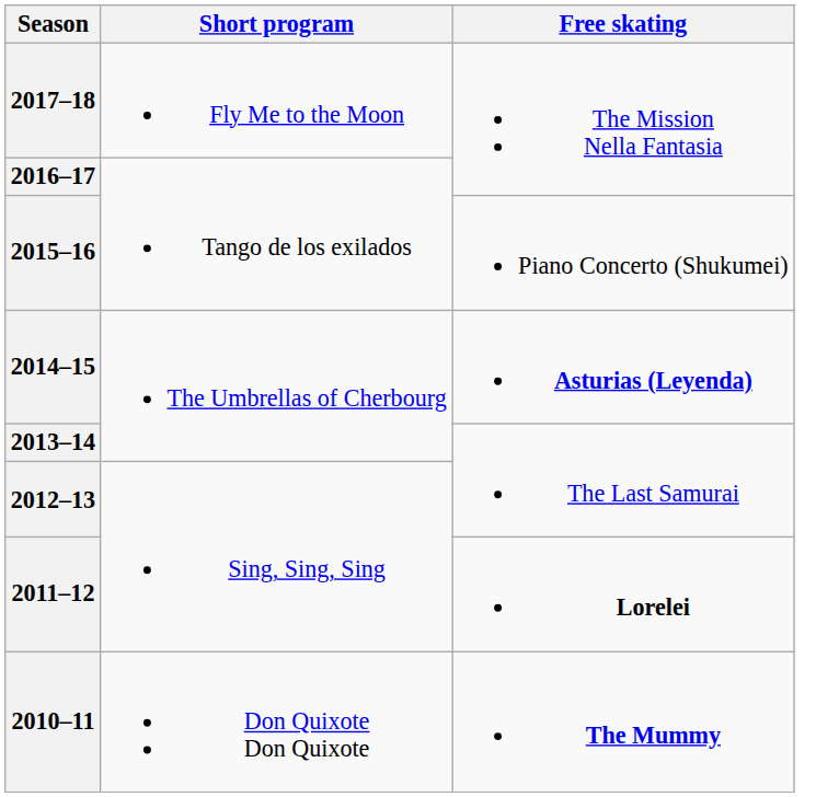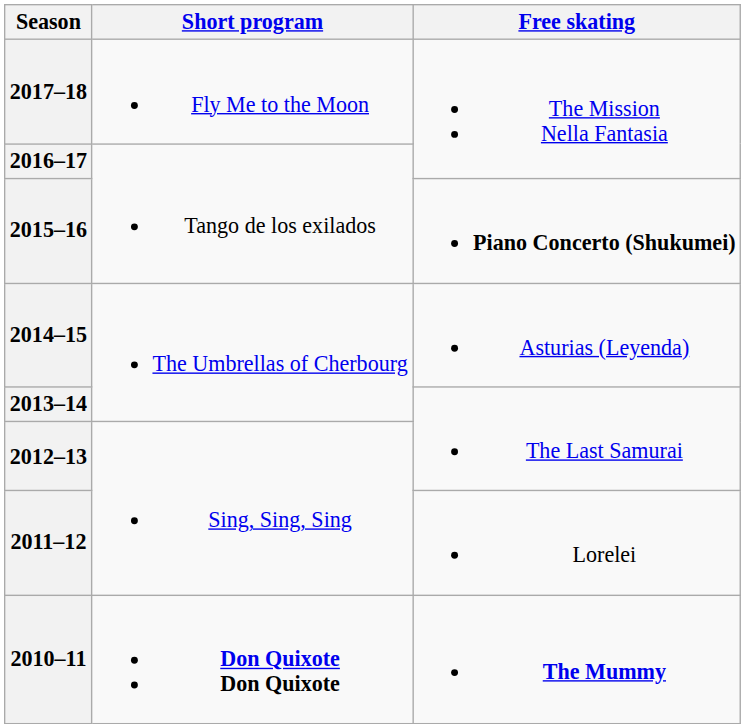 <table class=wikitable style=text-align:center>
 <tr>
 <th>Season</th>
 <th><a href='#'>Short program</a></th>
 <th><a href='#'>Free skating</a></th>
 </tr>
 <tr>
 <th>2017–18</th>
 <td><br><ul><li><a href='#'>Fly Me to the Moon</a> <br></li></ul></td>
 <td rowspan=2><br><ul><li><a href='#'>The Mission</a> <br></li><li><a href='#'>Nella Fantasia</a></li></ul></td>
 </tr>
 <tr>
 <th>2016–17 <br> </th>
 <td rowspan=2><br><ul><li>Tango de los exilados <br></li></ul></td>
 </tr>
 <tr>
 <th>2015–16 <br> </th>
-<td><br><ul><li>Piano Concerto (Shukumei) <br></li></ul></td>
+<td><strong><br><ul><li>Piano Concerto (Shukumei) <br></li></ul></strong></td>
 </tr>
 <tr>
 <th>2014–15 <br> </th>
 <td rowspan=2><br><ul><li><a href='#'>The Umbrellas of Cherbourg</a> <br></li></ul></td>
-<td><strong><br><ul><li><a href='#'>Asturias (Leyenda)</a> <br></li></ul></strong></td>
+<td><br><ul><li><a href='#'>Asturias (Leyenda)</a> <br></li></ul></td>
 </tr>
 <tr>
 <th>2013–14 <br> </th>
 <td rowspan=2><br><ul><li><a href='#'>The Last Samurai</a> <br></li></ul></td>
 </tr>
 <tr>
 <th>2012–13 <br> </th>
 <td rowspan=2><br><ul><li><a href='#'>Sing, Sing, Sing</a> <br></li></ul></td>
 </tr>
 <tr>
 <th>2011–12 <br> </th>
-<td><strong><br><ul><li>Lorelei <br></li></ul></strong></td>
+<td><br><ul><li>Lorelei <br></li></ul></td>
 </tr>
 <tr>
 <th>2010–11 <br> </th>
-<td><br><ul><li><a href='#'>Don Quixote</a> <br></li><li>Don Quixote <br></li></ul></td>
+<td><strong><br><ul><li><a href='#'>Don Quixote</a> <br></li><li>Don Quixote <br></li></ul></strong></td>
 <td><strong><br><ul><li><a href='#'>The Mummy</a> <br></li></ul></strong></td>
 </tr>
 </table>
